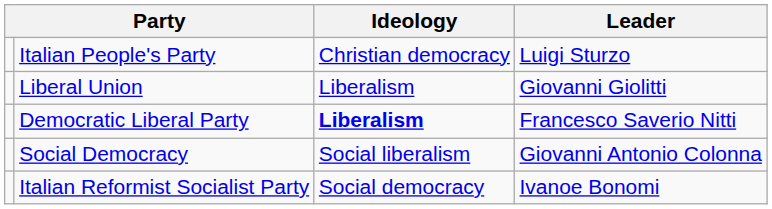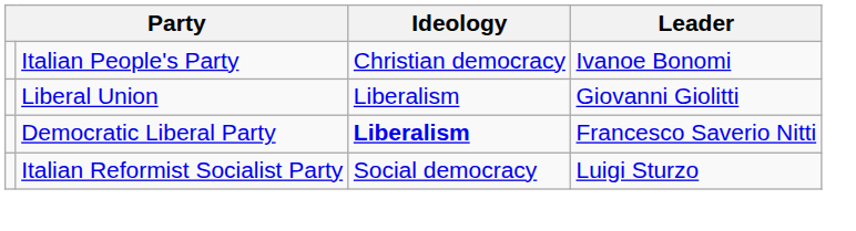 <table class=wikitable style="font-size:100%">
 <tr>
 <th colspan=2>Party</th>
 <th>Ideology</th>
 <th>Leader</th>
 </tr>
 <tr>
 <td style="color:inherit;background:"></td>
 <td><a href='#'>Italian People's Party</a></td>
 <td><a href='#'>Christian democracy</a></td>
-<td><a href='#'>Luigi Sturzo</a></td>
+<td><a href='#'>Ivanoe Bonomi</a></td>
 </tr>
 <tr>
 <td style="color:inherit;background:"></td>
 <td><a href='#'>Liberal Union</a></td>
 <td><a href='#'>Liberalism</a></td>
 <td><a href='#'>Giovanni Giolitti</a></td>
 </tr>
 <tr>
 <td style="color:inherit;background:"></td>
 <td><a href='#'>Democratic Liberal Party</a></td>
 <td><strong><a href='#'>Liberalism</a></strong></td>
 <td><a href='#'>Francesco Saverio Nitti</a></td>
 </tr>
 <tr>
 <td style="color:inherit;background:"></td>
-<td><a href='#'>Social Democracy</a></td>
-<td><a href='#'>Social liberalism</a></td>
-<td><a href='#'>Giovanni Antonio Colonna</a></td>
-</tr>
-<tr>
-<td style="color:inherit;background:"></td>
 <td><a href='#'>Italian Reformist Socialist Party</a></td>
 <td><a href='#'>Social democracy</a></td>
-<td><a href='#'>Ivanoe Bonomi</a></td>
+<td><a href='#'>Luigi Sturzo</a></td>
 </tr>
 </table>
